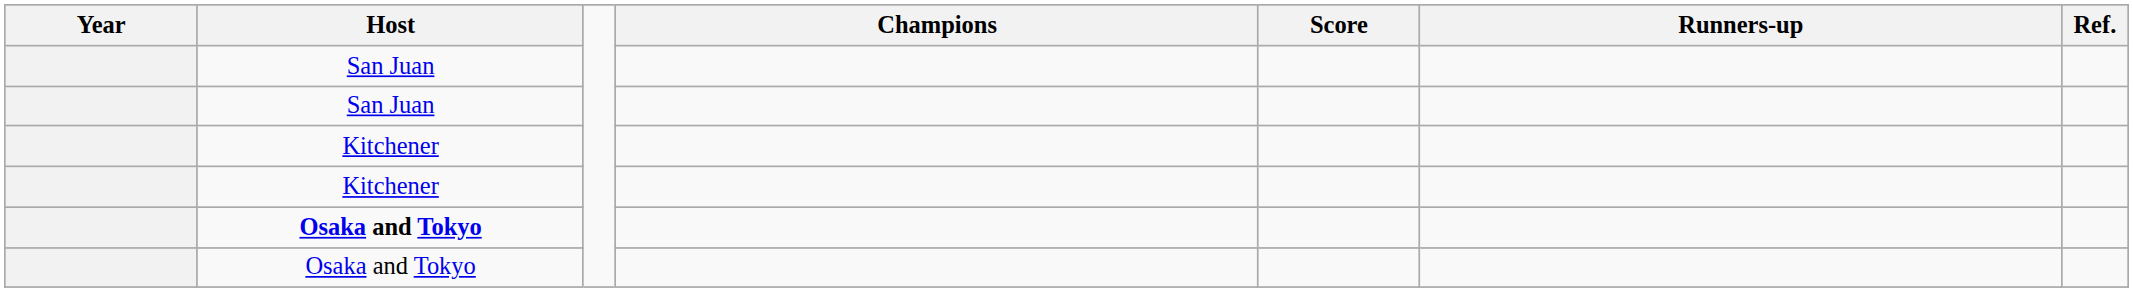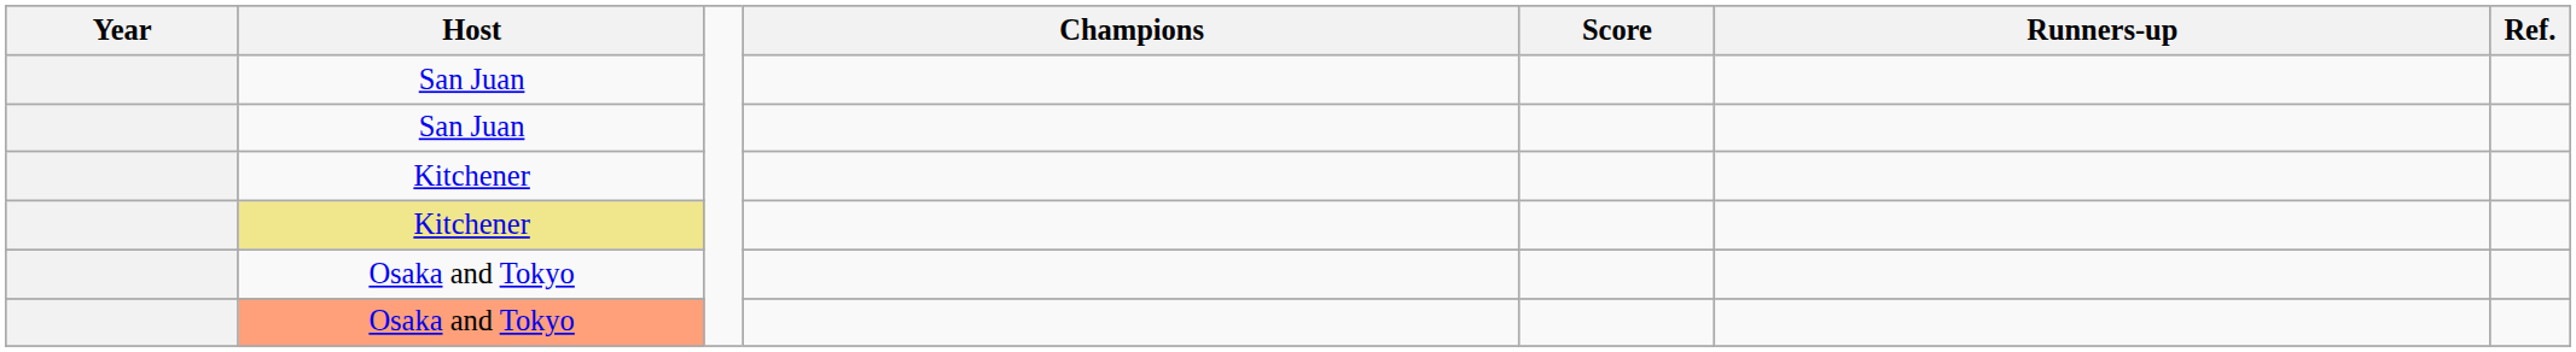 <table class="wikitable sortable" style="font-size:90%; text-align: center;">
 <tr>
 <th width=6%>Year</th>
 <th width=12%>Host</th>
 <td width=1% rowspan=28 style="border-top:none;border-bottom:none;"></td>
 <th width=20%>Champions</th>
 <th width=5%>Score</th>
 <th width=20%>Runners-up</th>
 <th width=1% class=unsortable>Ref.</th>
 </tr>
 <tr>
 <th></th>
 <td> <a href='#'>San Juan</a></td>
 <td><strong></strong><br></td>
 <td></td>
 <td><br></td>
 <td></td>
 </tr>
 <tr>
 <th></th>
 <td> <a href='#'>San Juan</a></td>
 <td><strong></strong><br></td>
 <td></td>
 <td><br></td>
 <td></td>
 </tr>
 <tr>
 <th></th>
 <td> <a href='#'>Kitchener</a></td>
 <td><strong></strong><br></td>
 <td></td>
 <td><br></td>
 <td></td>
 </tr>
 <tr>
 <th></th>
-<td> <a href='#'>Kitchener</a></td>
-<td><strong></strong><br></td>
-<td></td>
-<td><br></td>
-<td></td>
-</tr>
-<tr>
-<th></th>
-<td><strong> <a href='#'>Osaka</a> and <a href='#'>Tokyo</a></strong></td>
+<td style="background: khaki;"> <a href='#'>Kitchener</a></td>
 <td><strong></strong><br></td>
 <td></td>
 <td><br></td>
 <td></td>
 </tr>
 <tr>
 <th></th>
 <td> <a href='#'>Osaka</a> and <a href='#'>Tokyo</a></td>
 <td><strong></strong><br></td>
 <td></td>
 <td><br></td>
 <td></td>
 </tr>
+<tr>
+<th></th>
+<td style="background: lightsalmon;"> <a href='#'>Osaka</a> and <a href='#'>Tokyo</a></td>
+<td><strong></strong><br></td>
+<td></td>
+<td><br></td>
+<td></td>
+</tr>
 </table>
